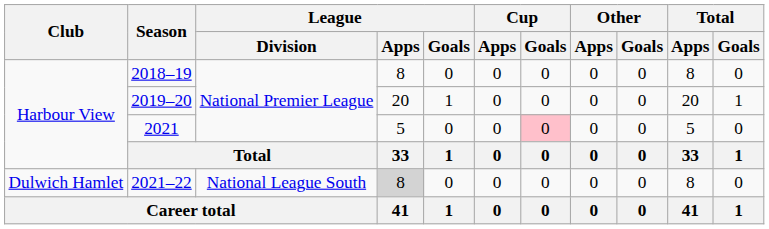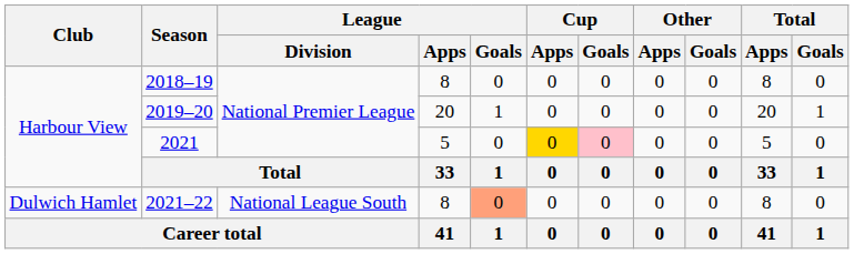 <table class="wikitable" style="text-align: center">
 <tr>
 <th rowspan="2">Club</th>
 <th rowspan="2">Season</th>
 <th colspan="3">League</th>
 <th colspan="2">Cup</th>
 <th colspan="2">Other</th>
 <th colspan="2">Total</th>
 </tr>
 <tr>
 <th>Division</th>
 <th>Apps</th>
 <th>Goals</th>
 <th>Apps</th>
 <th>Goals</th>
 <th>Apps</th>
 <th>Goals</th>
 <th>Apps</th>
 <th>Goals</th>
 </tr>
 <tr>
 <td rowspan="4"><a href='#'>Harbour View</a></td>
 <td><a href='#'>2018–19</a></td>
 <td rowspan="3"><a href='#'>National Premier League</a></td>
 <td>8</td>
 <td>0</td>
 <td>0</td>
 <td>0</td>
 <td>0</td>
 <td>0</td>
 <td>8</td>
 <td>0</td>
 </tr>
 <tr>
 <td><a href='#'>2019–20</a></td>
 <td>20</td>
 <td>1</td>
 <td>0</td>
 <td>0</td>
 <td>0</td>
 <td>0</td>
 <td>20</td>
 <td>1</td>
 </tr>
 <tr>
 <td><a href='#'>2021</a></td>
 <td>5</td>
 <td>0</td>
-<td>0</td>
+<td style="background: gold;">0</td>
 <td style="background: pink;">0</td>
 <td>0</td>
 <td>0</td>
 <td>5</td>
 <td>0</td>
 </tr>
 <tr>
 <th colspan="2"><strong>Total</strong></th>
 <th>33</th>
 <th>1</th>
 <th>0</th>
 <th>0</th>
 <th>0</th>
 <th>0</th>
 <th>33</th>
 <th>1</th>
 </tr>
 <tr>
 <td><a href='#'>Dulwich Hamlet</a></td>
 <td><a href='#'>2021–22</a></td>
 <td><a href='#'>National League South</a></td>
-<td style="background: lightgrey;">8</td>
-<td>0</td>
+<td>8</td>
+<td style="background: lightsalmon;">0</td>
 <td>0</td>
 <td>0</td>
 <td>0</td>
 <td>0</td>
 <td>8</td>
 <td>0</td>
 </tr>
 <tr>
 <th colspan="3"><strong>Career total</strong></th>
 <th>41</th>
 <th>1</th>
 <th>0</th>
 <th>0</th>
 <th>0</th>
 <th>0</th>
 <th>41</th>
 <th>1</th>
 </tr>
 </table>
